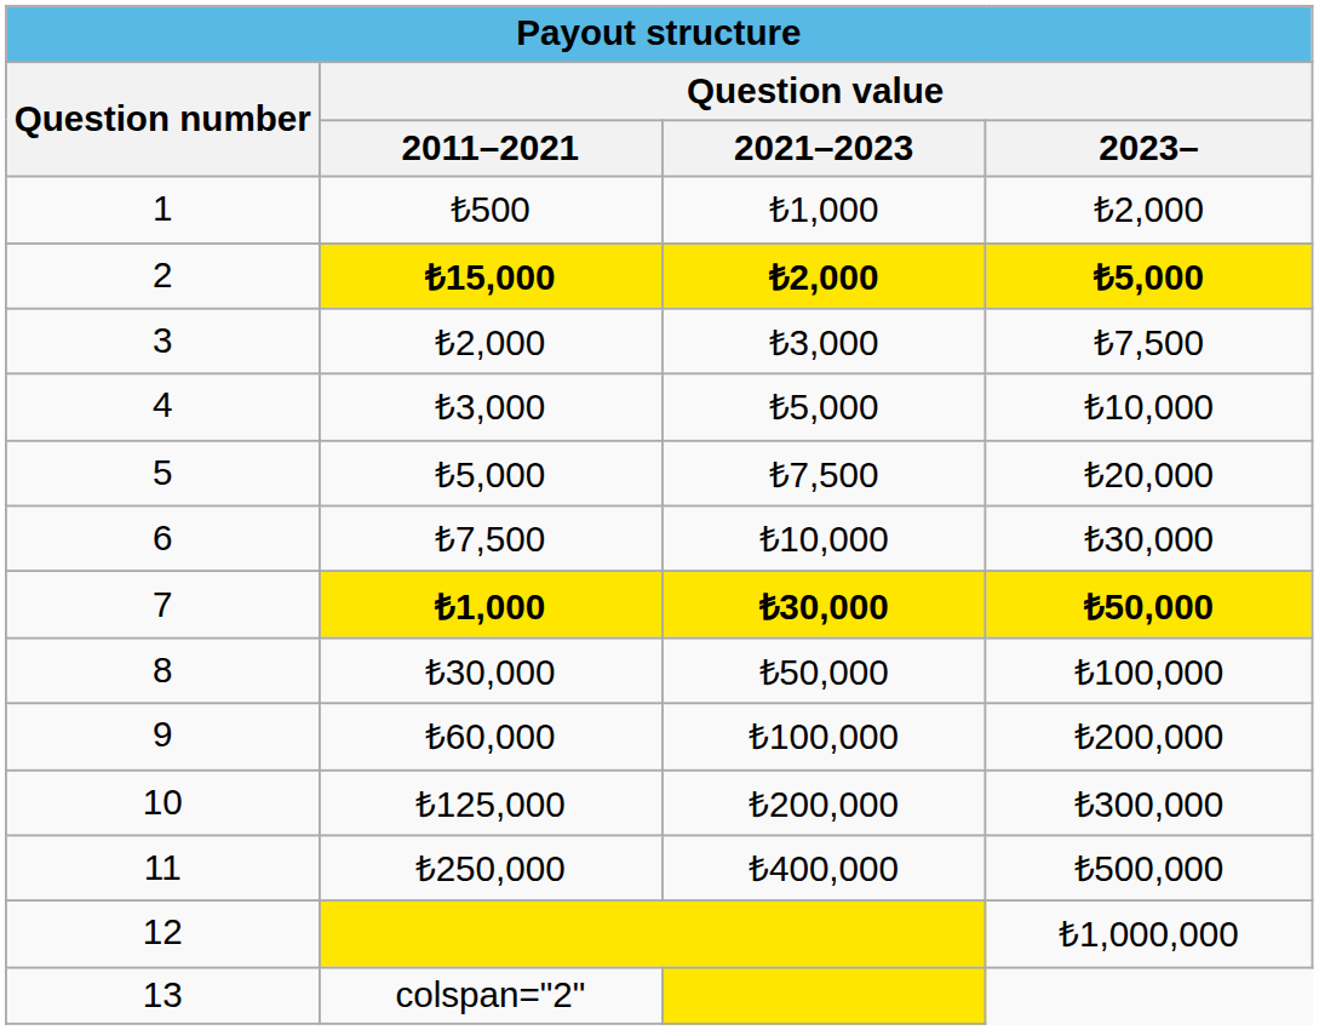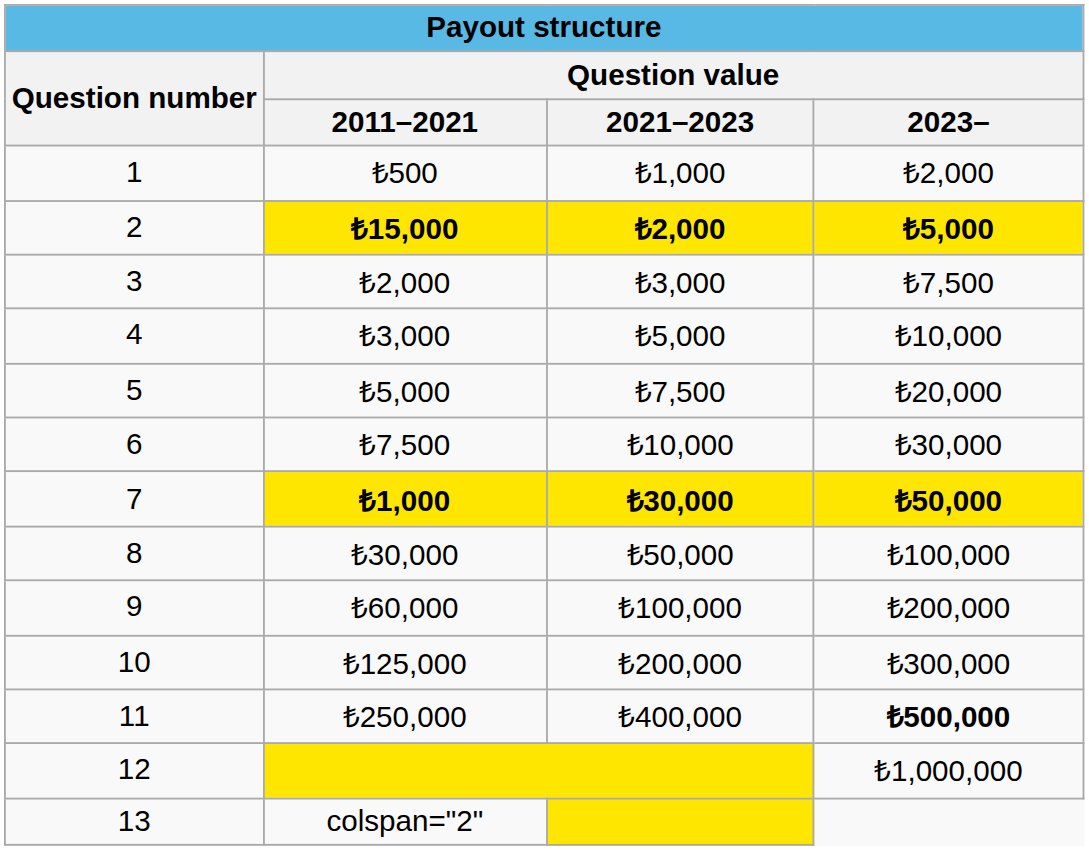 <table class="wikitable" style="text-align:center; border:1px;; cellpadding:2; cellspacing:0;">
 <tr>
 <th colspan="4" style="background: #58B9E4">Payout structure</th>
 </tr>
 <tr>
 <th rowspan="2" style="width: 24%">Question number</th>
 <th colspan="3">Question value</th>
 </tr>
 <tr>
 <th>2011–2021</th>
 <th>2021–2023</th>
 <th>2023–</th>
 </tr>
 <tr>
 <td>1</td>
 <td>₺500</td>
 <td>₺1,000</td>
 <td>₺2,000</td>
 </tr>
 <tr>
 <td>2</td>
 <td style="background: #FFE600"><strong>₺15,000</strong></td>
 <td style="background: #FFE600"><strong>₺2,000</strong></td>
 <td style="background: #FFE600"><strong>₺5,000</strong></td>
 </tr>
 <tr>
 <td>3</td>
 <td>₺2,000</td>
 <td>₺3,000</td>
 <td>₺7,500</td>
 </tr>
 <tr>
 <td>4</td>
 <td>₺3,000</td>
 <td>₺5,000</td>
 <td>₺10,000</td>
 </tr>
 <tr>
 <td>5</td>
 <td>₺5,000</td>
 <td>₺7,500</td>
 <td>₺20,000</td>
 </tr>
 <tr>
 <td>6</td>
 <td>₺7,500</td>
 <td>₺10,000</td>
 <td>₺30,000</td>
 </tr>
 <tr>
 <td>7</td>
 <td style="background: #FFE600"><strong>₺1,000</strong></td>
 <td style="background: #FFE600"><strong>₺30,000</strong></td>
 <td style="background: #FFE600"><strong>₺50,000</strong></td>
 </tr>
 <tr>
 <td>8</td>
 <td>₺30,000</td>
 <td>₺50,000</td>
 <td>₺100,000</td>
 </tr>
 <tr>
 <td>9</td>
 <td>₺60,000</td>
 <td>₺100,000</td>
 <td>₺200,000</td>
 </tr>
 <tr>
 <td>10</td>
 <td>₺125,000</td>
 <td>₺200,000</td>
 <td>₺300,000</td>
 </tr>
 <tr>
 <td>11</td>
 <td>₺250,000</td>
 <td>₺400,000</td>
-<td>₺500,000</td>
+<td><strong>₺500,000</strong></td>
 </tr>
 <tr>
 <td>12</td>
 <td colspan="2" style="background: #FFE600"><strong></strong></td>
 <td>₺1,000,000</td>
 </tr>
 <tr>
 <td>13</td>
 <td>colspan="2" </td>
 <td style="background: #FFE600"><strong></strong></td>
 </tr>
 </table>
